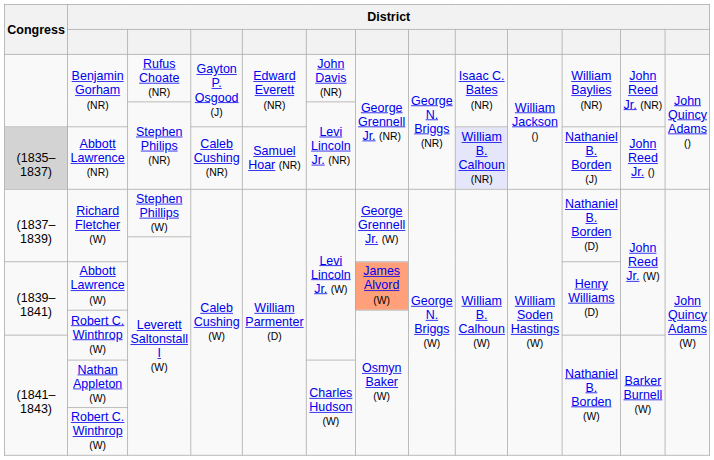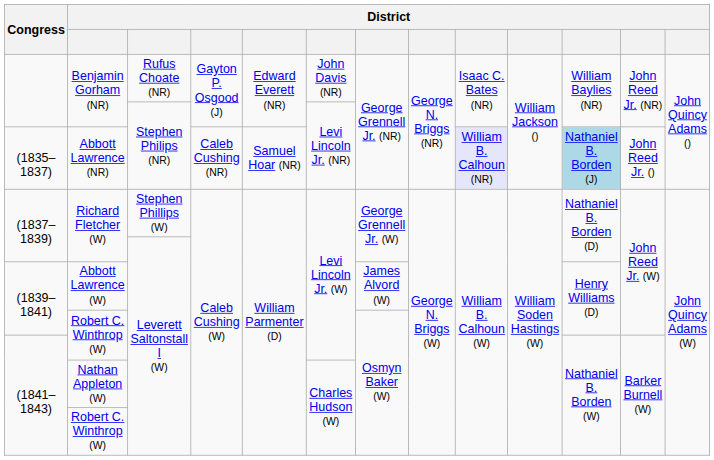 <table class=wikitable style="text-align:center">
 <tr style="height:2em">
 <th rowspan=2>Congress</th>
 <th colspan=12>District</th>
 </tr>
 <tr style="height:2em">
 <th></th>
 <th></th>
 <th></th>
 <th></th>
 <th></th>
 <th></th>
 <th></th>
 <th></th>
 <th></th>
 <th></th>
 <th></th>
 <th></th>
 </tr>
 <tr style="height:2em">
 <td scope=row rowspan=2><strong></strong><br></td>
 <td rowspan=2 ><a href='#'>Benjamin<br>Gorham</a> <small>(NR)</small></td>
 <td><a href='#'>Rufus Choate</a> <small>(NR)</small></td>
 <td rowspan=2 ><a href='#'>Gayton P.<br>Osgood</a> <small>(J)</small></td>
 <td rowspan=2 ><a href='#'>Edward<br>Everett</a> <small>(NR)</small></td>
 <td><a href='#'>John Davis</a> <small>(NR)</small></td>
 <td rowspan=3 ><a href='#'>George<br>Grennell<br>Jr.</a> <small>(NR)</small></td>
 <td rowspan=3 ><a href='#'>George<br>N.<br>Briggs</a><br><small>(NR)</small></td>
 <td rowspan=2 ><a href='#'>Isaac C.<br>Bates</a> <small>(NR)</small></td>
 <td rowspan=3 ><a href='#'>William<br>Jackson</a><br><small>()</small></td>
 <td rowspan=2 ><a href='#'>William<br>Baylies</a> <small>(NR)</small></td>
 <td rowspan=2 ><a href='#'>John Reed<br>Jr.</a> <small>(NR)</small></td>
 <td rowspan=3 ><a href='#'>John<br>Quincy<br>Adams</a><br><small>()</small></td>
 </tr>
 <tr style="height:2em">
 <td rowspan=2 ><a href='#'>Stephen<br>Philips</a> <small>(NR)</small></td>
 <td rowspan=2 ><a href='#'>Levi Lincoln<br>Jr.</a> <small>(NR)</small></td>
 </tr>
 <tr style="height:2em">
-<td scope=row style="background: lightgrey;"><strong></strong><br>(1835–1837)</td>
+<td scope=row><strong></strong><br>(1835–1837)</td>
 <td><a href='#'>Abbott<br>Lawrence</a> <small>(NR)</small></td>
 <td><a href='#'>Caleb<br>Cushing</a> <small>(NR)</small></td>
 <td><a href='#'>Samuel<br>Hoar</a> <small>(NR)</small></td>
 <td style="background: lavender;"><a href='#'>William B.<br>Calhoun</a> <small>(NR)</small></td>
-<td><a href='#'>Nathaniel B.<br>Borden</a> <small>(J)</small></td>
+<td style="background: lightblue;"><a href='#'>Nathaniel B.<br>Borden</a> <small>(J)</small></td>
 <td><a href='#'>John Reed<br>Jr.</a> <small>()</small></td>
 </tr>
 <tr style="height:2em">
 <td scope=row rowspan=2><strong></strong><br>(1837–1839)</td>
 <td rowspan=2 ><a href='#'>Richard<br>Fletcher</a> <small>(W)</small></td>
 <td><a href='#'>Stephen Phillips</a> <small>(W)</small></td>
 <td rowspan=7 ><a href='#'>Caleb<br>Cushing</a><br><small>(W)</small></td>
 <td rowspan=7 ><a href='#'>William<br>Parmenter</a> <small>(D)</small></td>
 <td rowspan=5 ><a href='#'>Levi Lincoln<br>Jr.</a> <small>(W)</small></td>
 <td rowspan=2 ><a href='#'>George<br>Grennell Jr.</a> <small>(W)</small></td>
 <td rowspan=7 ><a href='#'>George<br>N.<br>Briggs</a><br><small>(W)</small></td>
 <td rowspan=7 ><a href='#'>William<br>B.<br>Calhoun</a><br><small>(W)</small></td>
 <td rowspan=7 ><a href='#'>William<br>Soden<br>Hastings</a><br><small>(W)</small></td>
 <td rowspan=2 ><a href='#'>Nathaniel B.<br>Borden</a> <small>(D)</small></td>
 <td rowspan=4 ><a href='#'>John Reed<br>Jr.</a> <small>(W)</small></td>
 <td rowspan=7 ><a href='#'>John<br>Quincy<br>Adams</a><br><small>(W)</small></td>
 </tr>
 <tr style="height:2em">
 <td rowspan=6 ><a href='#'>Leverett<br>Saltonstall I</a><br><small>(W)</small></td>
 </tr>
 <tr style="height:2em">
 <td scope=row rowspan=2><strong></strong><br>(1839–1841)</td>
 <td><a href='#'>Abbott Lawrence</a> <small>(W)</small></td>
-<td style="background: lightsalmon;"><a href='#'>James Alvord</a> <small>(W)</small></td>
+<td><a href='#'>James Alvord</a> <small>(W)</small></td>
 <td rowspan=2 ><a href='#'>Henry<br>Williams</a> <small>(D)</small></td>
 </tr>
 <tr style="height:2em">
 <td rowspan=2 ><a href='#'>Robert C.<br>Winthrop</a> <small>(W)</small></td>
 <td rowspan=4 ><a href='#'>Osmyn<br>Baker</a> <small>(W)</small></td>
 </tr>
 <tr style="height:2em">
 <td scope=row rowspan=3><strong></strong><br>(1841–1843)</td>
 <td rowspan=3 ><a href='#'>Nathaniel B.<br>Borden</a> <small>(W)</small></td>
 <td rowspan=3 ><a href='#'>Barker<br>Burnell</a><br><small>(W)</small></td>
 </tr>
 <tr style="height:2em">
 <td><a href='#'>Nathan Appleton</a> <small>(W)</small></td>
 <td rowspan=2 ><a href='#'>Charles<br>Hudson</a> <small>(W)</small></td>
 </tr>
 <tr style="height:2em">
 <td><a href='#'>Robert C.<br>Winthrop</a> <small>(W)</small></td>
 </tr>
 </table>
